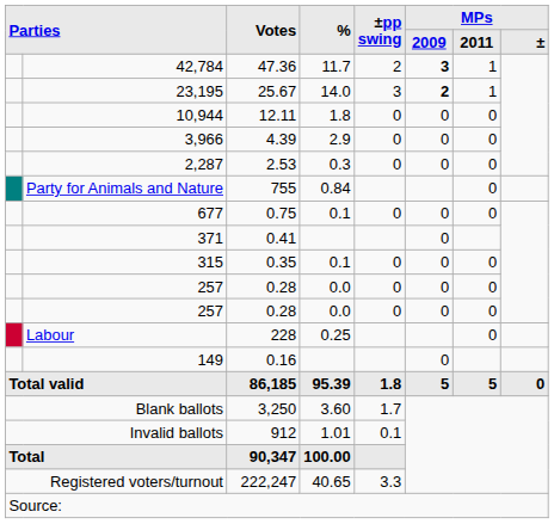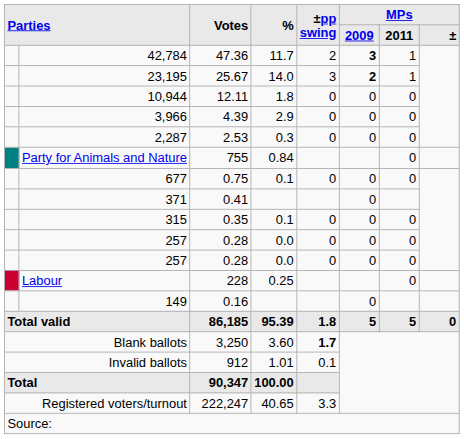 <table class="wikitable" style="text-align:right; font-size:95%;">
 <tr>
 <th rowspan="2" colspan="2" style="background:#e9e9e9; text-align:left;" alignleft><a href='#'>Parties</a></th>
 <th rowspan="2" style="background:#e9e9e9; text-align:right;">Votes</th>
 <th rowspan="2" style="background:#e9e9e9; text-align:right;">%</th>
 <th rowspan="2" style="background:#e9e9e9; text-align:right;">±<a href='#'>pp</a> <a href='#'>swing</a></th>
 <th colspan="3" style="background:#e9e9e9; text-align:center;"><a href='#'>MPs</a></th>
 </tr>
 <tr style="background-color:#E9E9E9">
 <th style="background-color:#E9E9E9;text-align:center;"><a href='#'>2009</a></th>
 <th style="background-color:#E9E9E9;text-align:center;">2011</th>
 <th style="background:#e9e9e9; text-align:right;">±</th>
 </tr>
 <tr>
 <td></td>
 <td>42,784</td>
 <td>47.36</td>
 <td>11.7</td>
 <td>2</td>
 <td><strong>3</strong></td>
 <td>1</td>
 </tr>
 <tr>
 <td></td>
 <td>23,195</td>
 <td>25.67</td>
 <td>14.0</td>
 <td>3</td>
 <td><strong>2</strong></td>
 <td>1</td>
 </tr>
 <tr>
 <td></td>
 <td>10,944</td>
 <td>12.11</td>
 <td>1.8</td>
 <td>0</td>
 <td>0</td>
 <td>0</td>
 </tr>
 <tr>
 <td></td>
 <td>3,966</td>
 <td>4.39</td>
 <td>2.9</td>
 <td>0</td>
 <td>0</td>
 <td>0</td>
 </tr>
 <tr>
 <td></td>
 <td>2,287</td>
 <td>2.53</td>
 <td>0.3</td>
 <td>0</td>
 <td>0</td>
 <td>0</td>
 </tr>
 <tr>
 <td style="width: 10px" bgcolor="teal" align="center"></td>
 <td align="left"><a href='#'>Party for Animals and Nature</a></td>
 <td>755</td>
 <td>0.84</td>
 <td></td>
 <td></td>
 <td>0</td>
 <td></td>
 </tr>
 <tr>
 <td></td>
 <td>677</td>
 <td>0.75</td>
 <td>0.1</td>
 <td>0</td>
 <td>0</td>
 <td>0</td>
 </tr>
 <tr>
 <td></td>
 <td>371</td>
 <td>0.41</td>
 <td></td>
 <td></td>
 <td>0</td>
 <td></td>
 </tr>
 <tr>
 <td></td>
 <td>315</td>
 <td>0.35</td>
 <td>0.1</td>
 <td>0</td>
 <td>0</td>
 <td>0</td>
 </tr>
 <tr>
 <td></td>
 <td>257</td>
 <td>0.28</td>
 <td>0.0</td>
 <td>0</td>
 <td>0</td>
 <td>0</td>
 </tr>
 <tr>
 <td></td>
 <td>257</td>
 <td>0.28</td>
 <td>0.0</td>
 <td>0</td>
 <td>0</td>
 <td>0</td>
 </tr>
 <tr>
 <td style="width: 10px" bgcolor=#CC0033 align="center"></td>
 <td align=left><a href='#'>Labour</a></td>
 <td>228</td>
 <td>0.25</td>
 <td></td>
 <td></td>
 <td>0</td>
 <td></td>
 </tr>
 <tr>
 <td></td>
 <td>149</td>
 <td>0.16</td>
 <td></td>
 <td></td>
 <td>0</td>
 <td></td>
 </tr>
 <tr>
 <td colspan=2 align=left style="background-color:#E9E9E9"><strong>Total valid</strong></td>
 <td width="65" align="right" style="background-color:#E9E9E9"><strong>86,185</strong></td>
 <td width="40" align="right" style="background-color:#E9E9E9"><strong>95.39</strong></td>
 <td width="40" align="right" style="background-color:#E9E9E9"><strong>1.8</strong></td>
 <td width="40" align="right" style="background-color:#E9E9E9"><strong>5</strong></td>
 <td width="40" align="right" style="background-color:#E9E9E9"><strong>5</strong></td>
 <td width="40" align="right" style="background-color:#E9E9E9"><strong>0</strong></td>
 </tr>
 <tr>
 <td colspan=2>Blank ballots</td>
 <td>3,250</td>
 <td>3.60</td>
-<td>1.7</td>
+<td><strong>1.7</strong></td>
 <td colspan=4 rowspan=4></td>
 </tr>
 <tr>
 <td colspan=2>Invalid ballots</td>
 <td>912</td>
 <td>1.01</td>
 <td>0.1</td>
 </tr>
 <tr>
 <td colspan=2 align=left style="background-color:#E9E9E9"><strong>Total</strong></td>
 <td width="50" align="right" style="background-color:#E9E9E9"><strong>90,347</strong></td>
 <td width="40" align="right" style="background-color:#E9E9E9"><strong>100.00</strong></td>
 <td width="40" align="right" style="background-color:#E9E9E9"></td>
 </tr>
 <tr>
 <td colspan=2>Registered voters/turnout</td>
 <td>222,247</td>
 <td>40.65</td>
 <td>3.3</td>
 </tr>
 <tr>
 <td colspan=11 align=left>Source: </td>
 </tr>
 </table>
